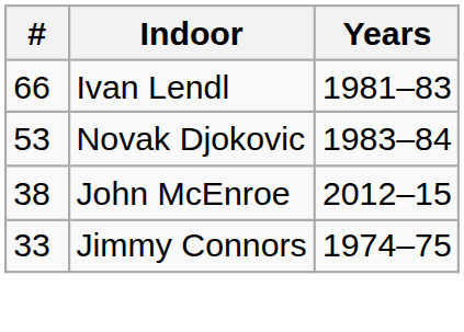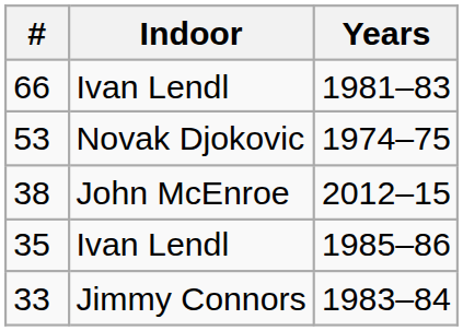 <table class="wikitable" style="display:inline-table; font-size: 88%;">
 <tr>
 <th width=20>#</th>
 <th>Indoor</th>
 <th>Years</th>
 </tr>
 <tr>
 <td>66</td>
 <td> Ivan Lendl</td>
 <td>1981–83</td>
 </tr>
 <tr>
 <td>53</td>
 <td> Novak Djokovic</td>
-<td>1983–84</td>
+<td>1974–75</td>
 </tr>
 <tr>
 <td>38</td>
 <td> John McEnroe</td>
 <td>2012–15</td>
 </tr>
 <tr>
+<td>35</td>
+<td> Ivan Lendl</td>
+<td>1985–86</td>
+</tr>
+<tr>
 <td>33</td>
 <td> Jimmy Connors</td>
-<td>1974–75</td>
+<td>1983–84</td>
 </tr>
 </table>
